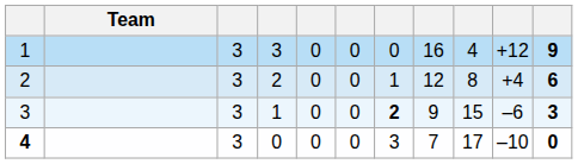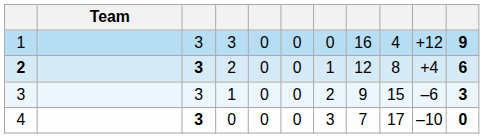 <table class="wikitable" style="text-align: center; font-size: 97%;">
 <tr>
 <th width="25"></th>
 <th width="135">Team</th>
 <th width="25"></th>
 <th width="25"></th>
 <th width="25"></th>
 <th width="25"></th>
 <th width="25"></th>
 <th width="25"></th>
 <th width="25"></th>
 <th width="25"></th>
 <th width="25"></th>
 </tr>
 <tr style="background-color: #b8def6;">
 <td>1</td>
 <td align=left></td>
 <td>3</td>
 <td>3</td>
 <td>0</td>
 <td>0</td>
 <td>0</td>
 <td>16</td>
 <td>4</td>
 <td>+12</td>
 <td><strong>9</strong></td>
 </tr>
 <tr style="background-color: #d7eaf7;">
-<td>2</td>
+<td><strong>2</strong></td>
 <td align=left></td>
-<td>3</td>
+<td><strong>3</strong></td>
 <td>2</td>
 <td>0</td>
 <td>0</td>
 <td>1</td>
 <td>12</td>
 <td>8</td>
 <td>+4</td>
 <td><strong>6</strong></td>
 </tr>
 <tr style="background-color: #ecf6fd;">
 <td>3</td>
 <td align=left></td>
 <td>3</td>
 <td>1</td>
 <td>0</td>
 <td>0</td>
-<td><strong>2</strong></td>
+<td>2</td>
 <td>9</td>
 <td>15</td>
 <td>–6</td>
 <td><strong>3</strong></td>
 </tr>
 <tr style="background-color: #fefeff;">
-<td><strong>4</strong></td>
+<td>4</td>
 <td align=left></td>
-<td>3</td>
+<td><strong>3</strong></td>
 <td>0</td>
 <td>0</td>
 <td>0</td>
 <td>3</td>
 <td>7</td>
 <td>17</td>
 <td>–10</td>
 <td><strong>0</strong></td>
 </tr>
 </table>
